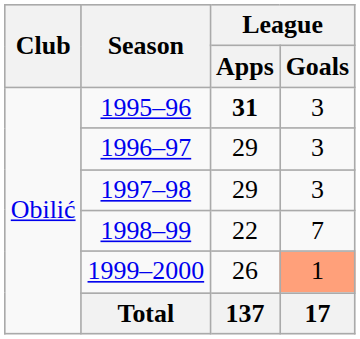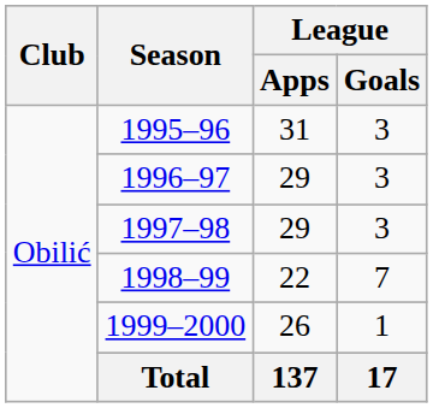 <table class="wikitable" style="text-align:center">
 <tr>
 <th rowspan="2">Club</th>
 <th rowspan="2">Season</th>
 <th colspan="2">League</th>
 </tr>
 <tr>
 <th>Apps</th>
 <th>Goals</th>
 </tr>
 <tr>
 <td rowspan="6"><a href='#'>Obilić</a></td>
 <td><a href='#'>1995–96</a></td>
-<td><strong>31</strong></td>
+<td>31</td>
 <td>3</td>
 </tr>
 <tr>
 <td><a href='#'>1996–97</a></td>
 <td>29</td>
 <td>3</td>
 </tr>
 <tr>
 <td><a href='#'>1997–98</a></td>
 <td>29</td>
 <td>3</td>
 </tr>
 <tr>
 <td><a href='#'>1998–99</a></td>
 <td>22</td>
 <td>7</td>
 </tr>
 <tr>
 <td><a href='#'>1999–2000</a></td>
 <td>26</td>
-<td style="background: lightsalmon;">1</td>
+<td>1</td>
 </tr>
 <tr>
 <th>Total</th>
 <th>137</th>
 <th>17</th>
 </tr>
 </table>
